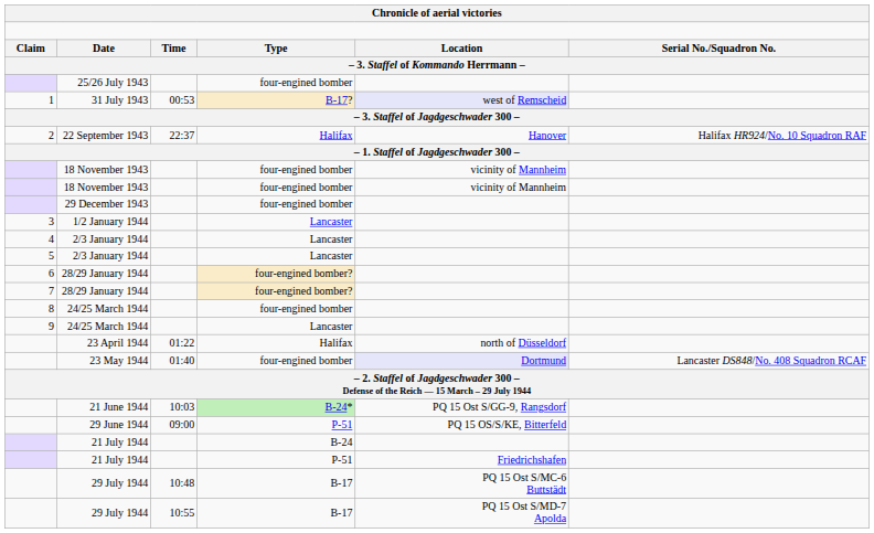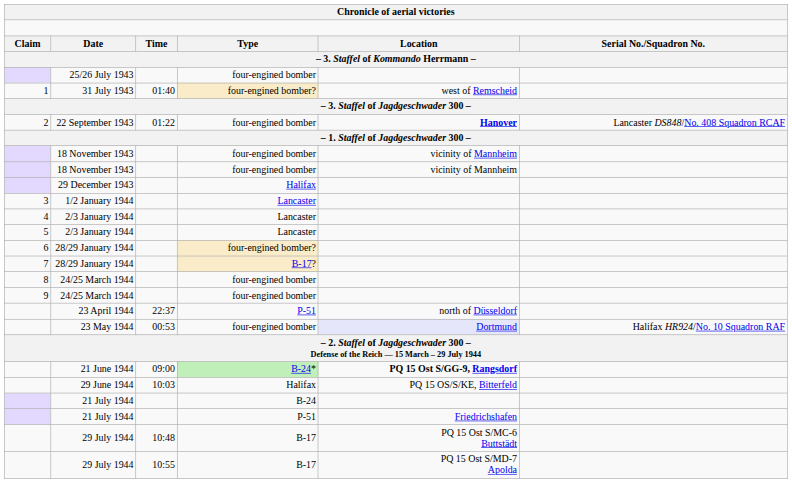 <table class="wikitable plainrowheaders collapsible" style="margin-left: auto; margin-right: auto; border: none; text-align:right; width: 100%;">
 <tr>
 <th colspan="6">Chronicle of aerial victories</th>
 </tr>
 <tr>
 <td colspan="6" style="text-align: left;"><br>  </td>
 </tr>
 <tr>
 <th scope="col">Claim</th>
 <th scope="col" style="width:130px">Date</th>
 <th scope="col">Time</th>
 <th scope="col">Type</th>
 <th scope="col">Location</th>
 <th scope="col">Serial No./Squadron No.</th>
 </tr>
 <tr>
 <th colspan="6">– 3. <em>Staffel</em> of <em>Kommando</em> Herrmann –</th>
 </tr>
 <tr>
 <td style="background:#e3d9ff;"></td>
 <td>25/26 July 1943</td>
 <td></td>
 <td>four-engined bomber</td>
 <td></td>
 <td></td>
 </tr>
 <tr>
 <td>1</td>
 <td>31 July 1943</td>
-<td>00:53</td>
-<td style="background:#faecc8"><a href='#'>B-17</a>?</td>
-<td style="background: lavender;">west of <a href='#'>Remscheid</a></td>
+<td>01:40</td>
+<td style="background:#faecc8">four-engined bomber?</td>
+<td>west of <a href='#'>Remscheid</a></td>
 <td></td>
 </tr>
 <tr>
 <th colspan="6">– 3. <em>Staffel</em> of <em>Jagdgeschwader</em> 300 –</th>
 </tr>
 <tr>
 <td>2</td>
 <td>22 September 1943</td>
-<td>22:37</td>
-<td><a href='#'>Halifax</a></td>
-<td><a href='#'>Hanover</a></td>
-<td>Halifax <em>HR924</em>/<a href='#'>No. 10 Squadron RAF</a></td>
+<td>01:22</td>
+<td>four-engined bomber</td>
+<td><strong><a href='#'>Hanover</a></strong></td>
+<td>Lancaster <em>DS848</em>/<a href='#'>No. 408 Squadron RCAF</a></td>
 </tr>
 <tr>
 <th colspan="6">– 1. <em>Staffel</em> of <em>Jagdgeschwader</em> 300 –</th>
 </tr>
 <tr>
 <td style="background:#e3d9ff;"></td>
 <td>18 November 1943</td>
 <td></td>
 <td>four-engined bomber</td>
 <td>vicinity of <a href='#'>Mannheim</a></td>
 <td></td>
 </tr>
 <tr>
 <td style="background:#e3d9ff;"></td>
 <td>18 November 1943</td>
 <td></td>
 <td>four-engined bomber</td>
 <td>vicinity of Mannheim</td>
 <td></td>
 </tr>
 <tr>
 <td style="background:#e3d9ff;"></td>
 <td>29 December 1943</td>
 <td></td>
-<td>four-engined bomber</td>
+<td><a href='#'>Halifax</a></td>
 <td></td>
 <td></td>
 </tr>
 <tr>
 <td>3</td>
 <td>1/2 January 1944</td>
 <td></td>
 <td><a href='#'>Lancaster</a></td>
 <td></td>
 <td></td>
 </tr>
 <tr>
 <td>4</td>
 <td>2/3 January 1944</td>
 <td></td>
 <td>Lancaster</td>
 <td></td>
 <td></td>
 </tr>
 <tr>
 <td>5</td>
 <td>2/3 January 1944</td>
 <td></td>
 <td>Lancaster</td>
 <td></td>
 <td></td>
 </tr>
 <tr>
 <td>6</td>
 <td>28/29 January 1944</td>
 <td></td>
 <td style="background:#faecc8">four-engined bomber?</td>
 <td></td>
 <td></td>
 </tr>
 <tr>
 <td>7</td>
 <td>28/29 January 1944</td>
 <td></td>
-<td style="background:#faecc8">four-engined bomber?</td>
+<td style="background:#faecc8"><a href='#'>B-17</a>?</td>
 <td></td>
 <td></td>
 </tr>
 <tr>
 <td>8</td>
 <td>24/25 March 1944</td>
 <td></td>
 <td>four-engined bomber</td>
 <td></td>
 <td></td>
 </tr>
 <tr>
 <td>9</td>
 <td>24/25 March 1944</td>
 <td></td>
-<td>Lancaster</td>
+<td>four-engined bomber</td>
 <td></td>
 <td></td>
 </tr>
 <tr>
 <td></td>
 <td>23 April 1944</td>
-<td>01:22</td>
-<td>Halifax</td>
+<td>22:37</td>
+<td><a href='#'>P-51</a></td>
 <td> north of <a href='#'>Düsseldorf</a></td>
 <td></td>
 </tr>
 <tr>
 <td></td>
 <td>23 May 1944</td>
-<td>01:40</td>
+<td>00:53</td>
 <td>four-engined bomber</td>
 <td style="background: lavender;"><a href='#'>Dortmund</a></td>
-<td>Lancaster <em>DS848</em>/<a href='#'>No. 408 Squadron RCAF</a></td>
+<td>Halifax <em>HR924</em>/<a href='#'>No. 10 Squadron RAF</a></td>
 </tr>
 <tr>
 <th colspan="6">– 2. <em>Staffel</em> of <em>Jagdgeschwader</em> 300 –<br><small>Defense of the Reich — 15 March – 29 July 1944</small></th>
 </tr>
 <tr>
 <td></td>
 <td>21 June 1944</td>
-<td>10:03</td>
+<td>09:00</td>
 <td style="background:#C0EFBA"><a href='#'>B-24</a>*</td>
-<td>PQ 15 Ost S/GG-9, <a href='#'>Rangsdorf</a></td>
+<td><strong>PQ 15 Ost S/GG-9, <a href='#'>Rangsdorf</a></strong></td>
 <td></td>
 </tr>
 <tr>
 <td></td>
 <td>29 June 1944</td>
-<td>09:00</td>
-<td><a href='#'>P-51</a></td>
+<td>10:03</td>
+<td>Halifax</td>
 <td>PQ 15 OS/S/KE, <a href='#'>Bitterfeld</a></td>
 <td></td>
 </tr>
 <tr>
 <td style="background:#e3d9ff;"></td>
 <td>21 July 1944</td>
 <td></td>
 <td>B-24</td>
 <td></td>
 <td></td>
 </tr>
 <tr>
 <td style="background:#e3d9ff;"></td>
 <td>21 July 1944</td>
 <td></td>
 <td>P-51</td>
 <td><a href='#'>Friedrichshafen</a></td>
 <td></td>
 </tr>
 <tr>
 <td></td>
 <td>29 July 1944</td>
 <td>10:48</td>
 <td>B-17</td>
 <td>PQ 15 Ost S/MC-6<br><a href='#'>Buttstädt</a></td>
 <td></td>
 </tr>
 <tr>
 <td></td>
 <td>29 July 1944</td>
 <td>10:55</td>
 <td>B-17</td>
 <td>PQ 15 Ost S/MD-7<br><a href='#'>Apolda</a></td>
 <td></td>
 </tr>
 </table>
